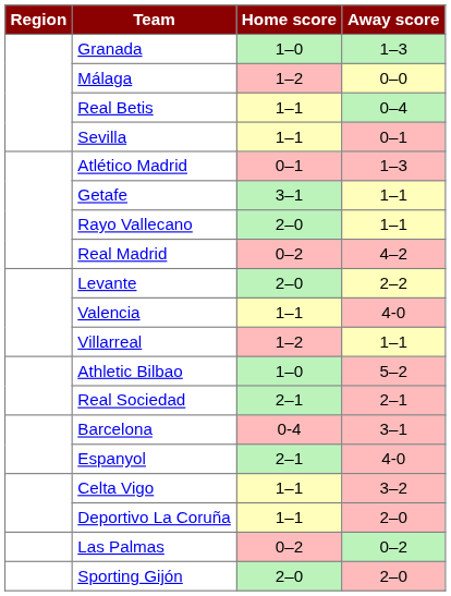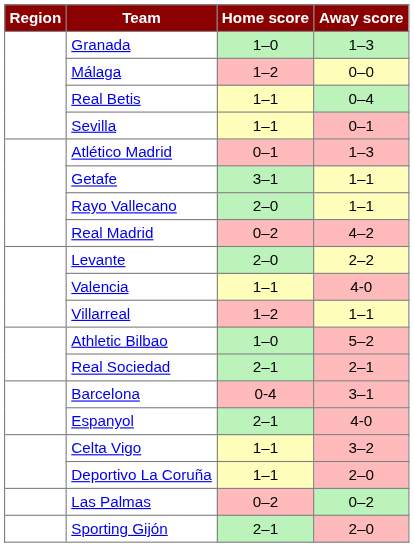 <table cellpadding="4" cellspacing="0" border="1" style="text-align: center; font-size: 85%; border: gray solid 1px; border-collapse: collapse;">
 <tr style="background:#8B0000; color:white;">
 <th>Region</th>
 <th>Team</th>
 <th>Home score</th>
 <th>Away score</th>
 </tr>
 <tr>
 <td style="text-align: center;" rowspan="4"></td>
 <td align="left"><a href='#'>Granada</a></td>
 <td bgcolor=#BBF3BB>1–0</td>
 <td bgcolor=#BBF3BB>1–3</td>
 </tr>
 <tr>
 <td align="left"><a href='#'>Málaga</a></td>
 <td bgcolor=#FFBBBB>1–2</td>
 <td bgcolor=#FFFFBB>0–0</td>
 </tr>
 <tr>
 <td align="left"><a href='#'>Real Betis</a></td>
 <td bgcolor=#FFFFBB>1–1</td>
 <td bgcolor=#BBF3BB>0–4</td>
 </tr>
 <tr>
 <td align="left"><a href='#'>Sevilla</a></td>
 <td bgcolor=#FFFFBB>1–1</td>
 <td bgcolor=#FFBBBB>0–1</td>
 </tr>
 <tr>
 <td style="text-align: center;" rowspan="4"></td>
 <td align="left"><a href='#'>Atlético Madrid</a></td>
 <td bgcolor=#FFBBBB>0–1</td>
 <td bgcolor=#FFBBBB>1–3</td>
 </tr>
 <tr>
 <td align="left"><a href='#'>Getafe</a></td>
 <td bgcolor=#BBF3BB>3–1</td>
 <td bgcolor=#FFFFBB>1–1</td>
 </tr>
 <tr>
 <td align="left"><a href='#'>Rayo Vallecano</a></td>
 <td bgcolor=#BBF3BB>2–0</td>
 <td bgcolor=#FFFFBB>1–1</td>
 </tr>
 <tr>
 <td align="left"><a href='#'>Real Madrid</a></td>
 <td bgcolor=#FFBBBB>0–2</td>
 <td bgcolor=#FFBBBB>4–2</td>
 </tr>
 <tr>
 <td style="text-align: center;" rowspan="3"></td>
 <td align="left"><a href='#'>Levante</a></td>
 <td bgcolor=#BBF3BB>2–0</td>
 <td bgcolor=#FFFFBB>2–2</td>
 </tr>
 <tr>
 <td align="left"><a href='#'>Valencia</a></td>
 <td bgcolor=#FFFFBB>1–1</td>
 <td bgcolor=#FFBBBB>4-0</td>
 </tr>
 <tr>
 <td align="left"><a href='#'>Villarreal</a></td>
 <td bgcolor=#FFBBBB>1–2</td>
 <td bgcolor=#FFFFBB>1–1</td>
 </tr>
 <tr>
 <td style="text-align: center;" rowspan="2"></td>
 <td align="left"><a href='#'>Athletic Bilbao</a></td>
 <td bgcolor=#BBF3BB>1–0</td>
 <td bgcolor=#FFBBBB>5–2</td>
 </tr>
 <tr>
 <td align="left"><a href='#'>Real Sociedad</a></td>
 <td bgcolor=#BBF3BB>2–1</td>
 <td bgcolor=#FFBBBB>2–1</td>
 </tr>
 <tr>
 <td style="text-align: center;" rowspan="2"></td>
 <td align="left"><a href='#'>Barcelona</a></td>
 <td bgcolor=#FFBBBB>0-4</td>
 <td bgcolor=#FFBBBB>3–1</td>
 </tr>
 <tr>
 <td align="left"><a href='#'>Espanyol</a></td>
 <td bgcolor=#BBF3BB>2–1</td>
 <td bgcolor=#FFBBBB>4-0</td>
 </tr>
 <tr>
 <td style="text-align: center;" rowspan="2"></td>
 <td align="left"><a href='#'>Celta Vigo</a></td>
 <td bgcolor=#FFFFBB>1–1</td>
 <td bgcolor=#FFBBBB>3–2</td>
 </tr>
 <tr>
 <td align="left"><a href='#'>Deportivo La Coruña</a></td>
 <td bgcolor=#FFFFBB>1–1</td>
 <td bgcolor=#FFBBBB>2–0</td>
 </tr>
 <tr>
 <td></td>
 <td align="left"><a href='#'>Las Palmas</a></td>
 <td bgcolor=#FFBBBB>0–2</td>
 <td bgcolor="#BBF3BB">0–2</td>
 </tr>
 <tr>
 <td></td>
 <td align="left"><a href='#'>Sporting Gijón</a></td>
-<td bgcolor=#BBF3BB>2–0</td>
+<td bgcolor=#BBF3BB>2–1</td>
 <td bgcolor=#FFBBBB>2–0</td>
 </tr>
 </table>
